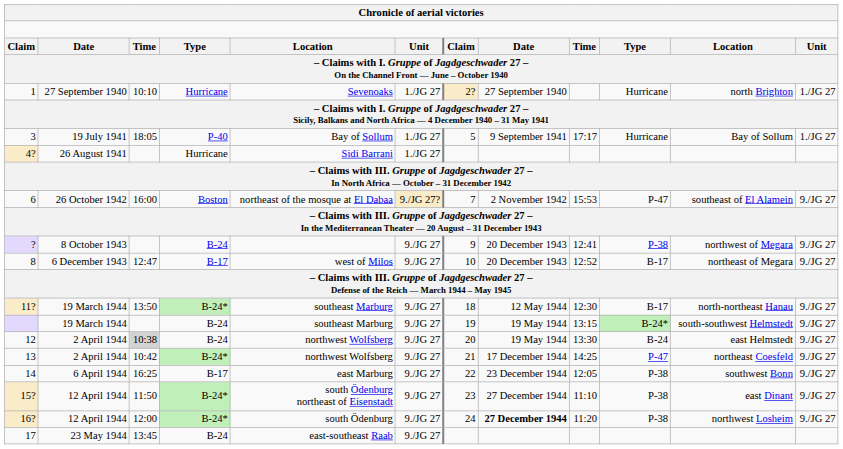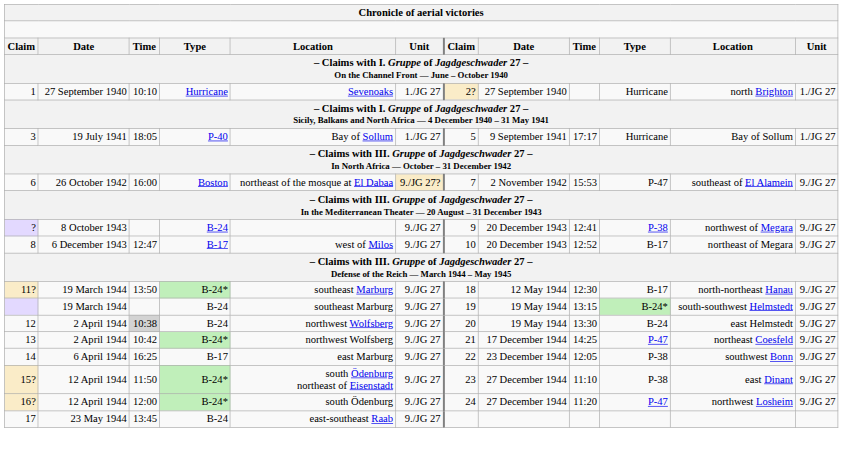 <table class="wikitable plainrowheaders collapsible" style="margin-left: auto; margin-right: auto; border: none; text-align:right; width: 100%;">
 <tr>
 <th colspan="12">Chronicle of aerial victories</th>
 </tr>
 <tr>
 <td colspan="12" style="text-align: left;"><br>  </td>
 </tr>
 <tr>
 <th scope="col">Claim</th>
 <th scope="col">Date</th>
 <th scope="col">Time</th>
 <th scope="col" width="100px">Type</th>
 <th scope="col">Location</th>
 <th scope="col">Unit</th>
 <th scope="col" style="border-left: 3px solid grey;">Claim</th>
 <th scope="col">Date</th>
 <th scope="col">Time</th>
 <th scope="col" width="100px">Type</th>
 <th scope="col">Location</th>
 <th scope="col">Unit</th>
 </tr>
 <tr>
 <th colspan="12">– Claims with I. <em>Gruppe</em> of <em>Jagdgeschwader</em> 27 –<br><small>On the Channel Front — June – October 1940</small></th>
 </tr>
 <tr>
 <td>1</td>
 <td>27 September 1940</td>
 <td>10:10</td>
 <td><a href='#'>Hurricane</a></td>
 <td><a href='#'>Sevenoaks</a></td>
 <td>1./JG 27</td>
 <td style="border-left: 3px solid grey; background:#faecc8">2?</td>
 <td>27 September 1940</td>
 <td></td>
 <td>Hurricane</td>
 <td>north <a href='#'>Brighton</a></td>
 <td>1./JG 27</td>
 </tr>
 <tr>
 <th colspan="12">– Claims with I. <em>Gruppe</em> of <em>Jagdgeschwader</em> 27 –<br><small>Sicily, Balkans and North Africa — 4 December 1940 – 31 May 1941</small></th>
 </tr>
 <tr>
 <td>3</td>
 <td>19 July 1941</td>
 <td>18:05</td>
 <td><a href='#'>P-40</a></td>
 <td>Bay of <a href='#'>Sollum</a></td>
 <td>1./JG 27</td>
 <td style="border-left: 3px solid grey;">5</td>
 <td>9 September 1941</td>
 <td>17:17</td>
 <td>Hurricane</td>
 <td>Bay of Sollum</td>
 <td>1./JG 27</td>
-</tr>
-<tr>
-<td style="background:#faecc8">4?</td>
-<td>26 August 1941</td>
-<td></td>
-<td>Hurricane</td>
-<td><a href='#'>Sidi Barrani</a></td>
-<td>1./JG 27</td>
-<td style="border-left: 3px solid grey;"></td>
-<td></td>
-<td></td>
-<td></td>
-<td></td>
-<td></td>
 </tr>
 <tr>
 <th colspan="12">– Claims with III. <em>Gruppe</em> of <em>Jagdgeschwader</em> 27 –<br><small>In North Africa — October – 31 December 1942</small></th>
 </tr>
 <tr>
 <td>6</td>
 <td>26 October 1942</td>
 <td>16:00</td>
 <td><a href='#'>Boston</a></td>
 <td>northeast of the mosque at <a href='#'>El Dabaa</a></td>
 <td style="background:#faecc8">9./JG 27?</td>
 <td style="border-left: 3px solid grey;">7</td>
 <td>2 November 1942</td>
 <td>15:53</td>
 <td>P-47</td>
 <td> southeast of <a href='#'>El Alamein</a></td>
 <td>9./JG 27</td>
 </tr>
 <tr>
 <th colspan="12">– Claims with III. <em>Gruppe</em> of <em>Jagdgeschwader</em> 27 –<br><small>In the Mediterranean Theater — 20 August – 31 December 1943</small></th>
 </tr>
 <tr>
 <td style="background:#e3d9ff;">?</td>
 <td>8 October 1943</td>
 <td></td>
 <td><a href='#'>B-24</a></td>
 <td></td>
 <td>9./JG 27</td>
 <td style="border-left: 3px solid grey;">9</td>
 <td>20 December 1943</td>
 <td>12:41</td>
 <td><a href='#'>P-38</a></td>
 <td>northwest of <a href='#'>Megara</a></td>
 <td>9./JG 27</td>
 </tr>
 <tr>
 <td>8</td>
 <td>6 December 1943</td>
 <td>12:47</td>
 <td><a href='#'>B-17</a></td>
 <td>west of <a href='#'>Milos</a></td>
 <td>9./JG 27</td>
 <td style="border-left: 3px solid grey;">10</td>
 <td>20 December 1943</td>
 <td>12:52</td>
 <td>B-17</td>
 <td>northeast of Megara</td>
 <td>9./JG 27</td>
 </tr>
 <tr>
 <th colspan="12">– Claims with III. <em>Gruppe</em> of <em>Jagdgeschwader</em> 27 –<br><small>Defense of the Reich — March 1944 – May 1945</small></th>
 </tr>
 <tr>
 <td style="background:#faecc8">11?</td>
 <td>19 March 1944</td>
 <td>13:50</td>
 <td style="background:#C0EFBA">B-24*</td>
 <td>southeast <a href='#'>Marburg</a></td>
 <td>9./JG 27</td>
 <td style="border-left: 3px solid grey;">18</td>
 <td>12 May 1944</td>
 <td>12:30</td>
 <td>B-17</td>
 <td> north-northeast <a href='#'>Hanau</a></td>
 <td>9./JG 27</td>
 </tr>
 <tr>
 <td style="background:#e3d9ff;"></td>
 <td>19 March 1944</td>
 <td></td>
 <td>B-24</td>
 <td>southeast Marburg</td>
 <td>9./JG 27</td>
 <td style="border-left: 3px solid grey;">19</td>
 <td>19 May 1944</td>
 <td>13:15</td>
 <td style="background:#C0EFBA">B-24*</td>
 <td>south-southwest <a href='#'>Helmstedt</a></td>
 <td>9./JG 27</td>
 </tr>
 <tr>
 <td>12</td>
 <td>2 April 1944</td>
 <td style="background: lightgrey;">10:38</td>
 <td>B-24</td>
 <td>northwest <a href='#'>Wolfsberg</a></td>
 <td>9./JG 27</td>
 <td style="border-left: 3px solid grey;">20</td>
 <td>19 May 1944</td>
 <td>13:30</td>
 <td>B-24</td>
 <td>east Helmstedt</td>
 <td>9./JG 27</td>
 </tr>
 <tr>
 <td>13</td>
 <td>2 April 1944</td>
 <td>10:42</td>
 <td style="background:#C0EFBA">B-24*</td>
 <td>northwest Wolfsberg</td>
 <td>9./JG 27</td>
 <td style="border-left: 3px solid grey;">21</td>
 <td>17 December 1944</td>
 <td>14:25</td>
 <td><a href='#'>P-47</a></td>
 <td>northeast <a href='#'>Coesfeld</a></td>
 <td>9./JG 27</td>
 </tr>
 <tr>
 <td>14</td>
 <td>6 April 1944</td>
 <td>16:25</td>
 <td>B-17</td>
 <td>east Marburg</td>
 <td>9./JG 27</td>
 <td style="border-left: 3px solid grey;">22</td>
 <td>23 December 1944</td>
 <td>12:05</td>
 <td>P-38</td>
 <td> southwest <a href='#'>Bonn</a></td>
 <td>9./JG 27</td>
 </tr>
 <tr>
 <td style="background:#faecc8">15?</td>
 <td>12 April 1944</td>
 <td>11:50</td>
 <td style="background:#C0EFBA">B-24*</td>
 <td>south <a href='#'>Ödenburg</a><br> northeast of <a href='#'>Eisenstadt</a></td>
 <td>9./JG 27</td>
 <td style="border-left: 3px solid grey;">23</td>
 <td>27 December 1944</td>
 <td>11:10</td>
 <td>P-38</td>
 <td> east <a href='#'>Dinant</a></td>
 <td>9./JG 27</td>
 </tr>
 <tr>
 <td style="background:#faecc8">16?</td>
 <td>12 April 1944</td>
 <td>12:00</td>
 <td style="background:#C0EFBA">B-24*</td>
 <td>south Ödenburg</td>
 <td>9./JG 27</td>
 <td style="border-left: 3px solid grey;">24</td>
-<td><strong>27 December 1944</strong></td>
+<td>27 December 1944</td>
 <td>11:20</td>
-<td>P-38</td>
+<td><a href='#'>P-47</a></td>
 <td> northwest <a href='#'>Losheim</a></td>
 <td>9./JG 27</td>
 </tr>
 <tr>
 <td>17</td>
 <td>23 May 1944</td>
 <td>13:45</td>
 <td>B-24</td>
 <td> east-southeast <a href='#'>Raab</a></td>
 <td>9./JG 27</td>
 <td style="border-left: 3px solid grey;"></td>
 <td></td>
 <td></td>
 <td></td>
 <td></td>
 <td></td>
 </tr>
 </table>
